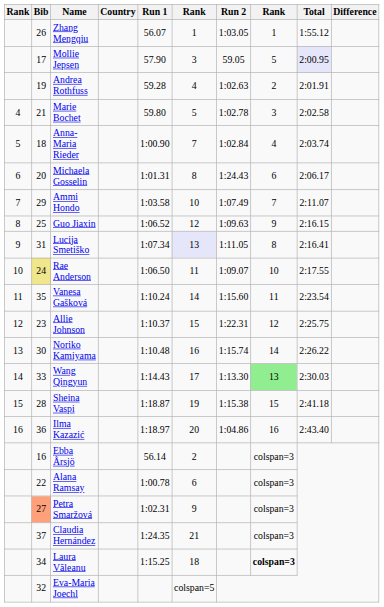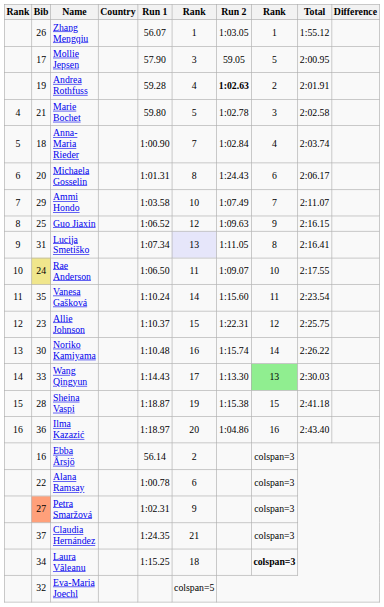 <table class="wikitable sortable" style="text-align:center">
 <tr>
 <th>Rank</th>
 <th>Bib</th>
 <th>Name</th>
 <th>Country</th>
 <th>Run 1</th>
 <th>Rank</th>
 <th>Run 2</th>
 <th>Rank</th>
 <th>Total</th>
 <th>Difference</th>
 </tr>
 <tr>
 <td></td>
 <td>26</td>
 <td align="left"><a href='#'>Zhang Mengqiu</a></td>
 <td align="left"></td>
 <td>56.07</td>
 <td>1</td>
 <td>1:03.05</td>
 <td>1</td>
 <td>1:55.12</td>
 <td></td>
 </tr>
 <tr>
 <td></td>
 <td>17</td>
 <td align="left"><a href='#'>Mollie Jepsen</a></td>
 <td align="left"></td>
 <td>57.90</td>
 <td>3</td>
 <td>59.05</td>
 <td>5</td>
-<td style="background: lavender;">2:00.95</td>
+<td>2:00.95</td>
 <td></td>
 </tr>
 <tr>
 <td></td>
 <td>19</td>
 <td align="left"><a href='#'>Andrea Rothfuss</a></td>
 <td align="left"></td>
 <td>59.28</td>
 <td>4</td>
-<td>1:02.63</td>
+<td><strong>1:02.63</strong></td>
 <td>2</td>
 <td>2:01.91</td>
 <td></td>
 </tr>
 <tr>
 <td>4</td>
 <td>21</td>
 <td align="left"><a href='#'>Marie Bochet</a></td>
 <td align="left"></td>
 <td>59.80</td>
 <td>5</td>
 <td>1:02.78</td>
 <td>3</td>
 <td>2:02.58</td>
 <td></td>
 </tr>
 <tr>
 <td>5</td>
 <td>18</td>
 <td align="left"><a href='#'>Anna-Maria Rieder</a></td>
 <td align="left"></td>
 <td>1:00.90</td>
 <td>7</td>
 <td>1:02.84</td>
 <td>4</td>
 <td>2:03.74</td>
 <td></td>
 </tr>
 <tr>
 <td>6</td>
 <td>20</td>
 <td align="left"><a href='#'>Michaela Gosselin</a></td>
 <td align="left"></td>
 <td>1:01.31</td>
 <td>8</td>
 <td>1:24.43</td>
 <td>6</td>
 <td>2:06.17</td>
 <td></td>
 </tr>
 <tr>
 <td>7</td>
 <td>29</td>
 <td align="left"><a href='#'>Ammi Hondo</a></td>
 <td align="left"></td>
 <td>1:03.58</td>
 <td>10</td>
 <td>1:07.49</td>
 <td>7</td>
 <td>2:11.07</td>
 <td></td>
 </tr>
 <tr>
 <td>8</td>
 <td>25</td>
 <td align="left"><a href='#'>Guo Jiaxin</a></td>
 <td align="left"></td>
 <td>1:06.52</td>
 <td>12</td>
 <td>1:09.63</td>
 <td>9</td>
 <td>2:16.15</td>
 <td></td>
 </tr>
 <tr>
 <td>9</td>
 <td>31</td>
 <td align="left"><a href='#'>Lucija Smetiško</a></td>
 <td align="left"></td>
 <td>1:07.34</td>
 <td style="background: lavender;">13</td>
 <td>1:11.05</td>
 <td>8</td>
 <td>2:16.41</td>
 <td></td>
 </tr>
 <tr>
 <td>10</td>
 <td style="background: khaki;">24</td>
 <td align="left"><a href='#'>Rae Anderson</a></td>
 <td align="left"></td>
 <td>1:06.50</td>
 <td>11</td>
 <td>1:09.07</td>
 <td>10</td>
 <td>2:17.55</td>
 <td></td>
 </tr>
 <tr>
 <td>11</td>
 <td>35</td>
 <td align="left"><a href='#'>Vanesa Gašková</a></td>
 <td align="left"></td>
 <td>1:10.24</td>
 <td>14</td>
 <td>1:15.60</td>
 <td>11</td>
 <td>2:23.54</td>
 <td></td>
 </tr>
 <tr>
 <td>12</td>
 <td>23</td>
 <td align="left"><a href='#'>Allie Johnson</a></td>
 <td align="left"></td>
 <td>1:10.37</td>
 <td>15</td>
 <td>1:22.31</td>
 <td>12</td>
 <td>2:25.75</td>
 <td></td>
 </tr>
 <tr>
 <td>13</td>
 <td>30</td>
 <td align="left"><a href='#'>Noriko Kamiyama</a></td>
 <td align="left"></td>
 <td>1:10.48</td>
 <td>16</td>
 <td>1:15.74</td>
 <td>14</td>
 <td>2:26.22</td>
 <td></td>
 </tr>
 <tr>
 <td>14</td>
 <td>33</td>
 <td align="left"><a href='#'>Wang Qingyun</a></td>
 <td align="left"></td>
 <td>1:14.43</td>
 <td>17</td>
 <td>1:13.30</td>
 <td style="background: lightgreen;">13</td>
 <td>2:30.03</td>
 <td></td>
 </tr>
 <tr>
 <td>15</td>
 <td>28</td>
 <td align="left"><a href='#'>Sheina Vaspi</a></td>
 <td align="left"></td>
 <td>1:18.87</td>
 <td>19</td>
 <td>1:15.38</td>
 <td>15</td>
 <td>2:41.18</td>
 <td></td>
 </tr>
 <tr>
 <td>16</td>
 <td>36</td>
 <td align="left"><a href='#'>Ilma Kazazić</a></td>
 <td align="left"></td>
 <td>1:18.97</td>
 <td>20</td>
 <td>1:04.86</td>
 <td>16</td>
 <td>2:43.40</td>
 <td></td>
 </tr>
 <tr>
 <td></td>
 <td>16</td>
 <td align="left"><a href='#'>Ebba Årsjö</a></td>
 <td align="left"></td>
 <td>56.14</td>
 <td>2</td>
 <td></td>
 <td>colspan=3 </td>
 </tr>
 <tr>
 <td></td>
 <td>22</td>
 <td align="left"><a href='#'>Alana Ramsay</a></td>
 <td align="left"></td>
 <td>1:00.78</td>
 <td>6</td>
 <td></td>
 <td>colspan=3 </td>
 </tr>
 <tr>
 <td></td>
 <td style="background: lightsalmon;">27</td>
 <td align="left"><a href='#'>Petra Smaržová</a></td>
 <td align="left"></td>
 <td>1:02.31</td>
 <td>9</td>
 <td></td>
 <td>colspan=3 </td>
 </tr>
 <tr>
 <td></td>
 <td>37</td>
 <td align="left"><a href='#'>Claudia Hernández</a></td>
 <td align="left"></td>
 <td>1:24.35</td>
 <td>21</td>
 <td></td>
 <td>colspan=3 </td>
 </tr>
 <tr>
 <td></td>
 <td>34</td>
 <td align="left"><a href='#'>Laura Văleanu</a></td>
 <td align="left"></td>
 <td>1:15.25</td>
 <td>18</td>
 <td></td>
 <td><strong>colspan=3 </strong></td>
 </tr>
 <tr>
 <td></td>
 <td>32</td>
 <td align="left"><a href='#'>Eva-Maria Joechl</a></td>
 <td align="left"></td>
 <td></td>
 <td>colspan=5 </td>
 </tr>
 </table>
